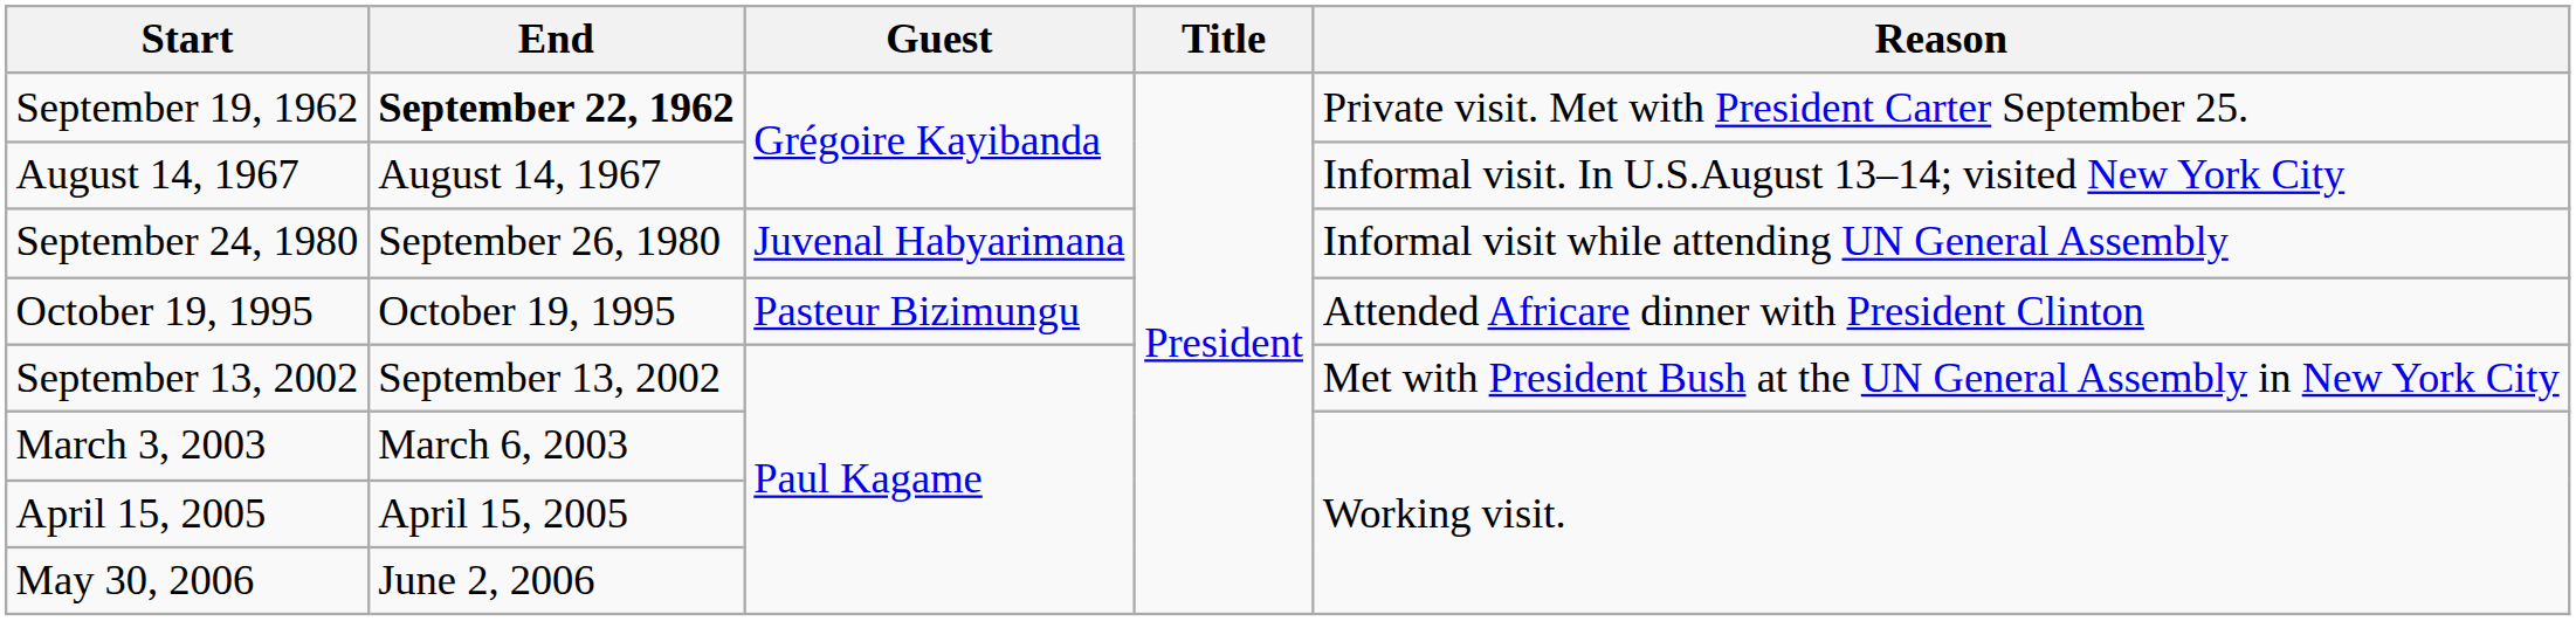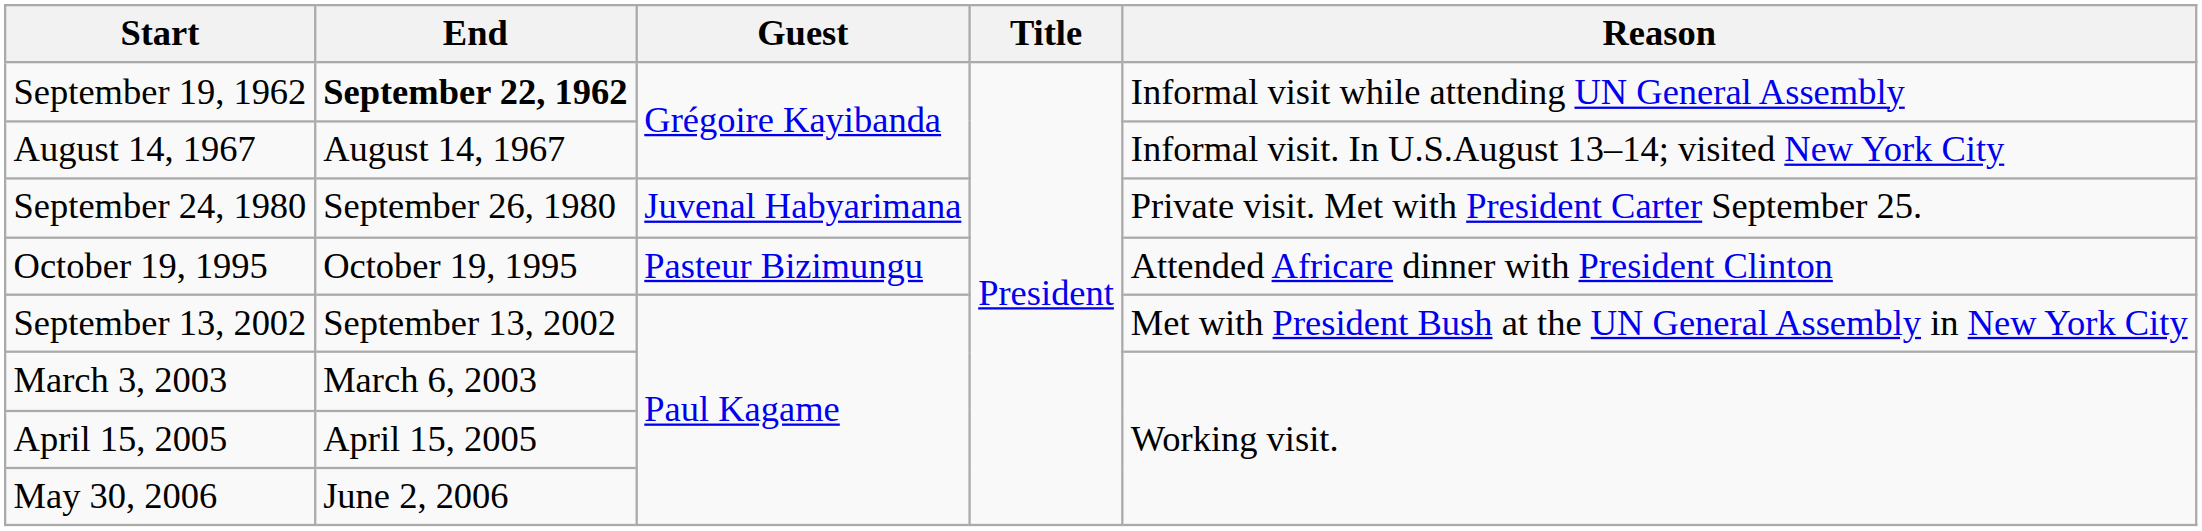 <table class="wikitable sortable">
 <tr>
 <th>Start</th>
 <th>End</th>
 <th>Guest</th>
 <th>Title</th>
 <th>Reason</th>
 </tr>
 <tr>
 <td>September 19, 1962</td>
 <td><strong>September 22, 1962</strong></td>
 <td rowspan=2><a href='#'>Grégoire Kayibanda</a></td>
 <td rowspan=8><a href='#'>President</a></td>
-<td>Private visit. Met with <a href='#'>President Carter</a> September 25.</td>
+<td>Informal visit while attending <a href='#'>UN General Assembly</a></td>
 </tr>
 <tr>
 <td>August 14, 1967</td>
 <td>August 14, 1967</td>
 <td>Informal visit. In U.S.August 13–14; visited <a href='#'>New York City</a></td>
 </tr>
 <tr>
 <td>September 24, 1980</td>
 <td>September 26, 1980</td>
 <td><a href='#'>Juvenal Habyarimana</a></td>
-<td>Informal visit while attending <a href='#'>UN General Assembly</a></td>
+<td>Private visit. Met with <a href='#'>President Carter</a> September 25.</td>
 </tr>
 <tr>
 <td>October 19, 1995</td>
 <td>October 19, 1995</td>
 <td><a href='#'>Pasteur Bizimungu</a></td>
 <td>Attended <a href='#'>Africare</a> dinner with <a href='#'>President Clinton</a></td>
 </tr>
 <tr>
 <td>September 13, 2002</td>
 <td>September 13, 2002</td>
 <td rowspan=4><a href='#'>Paul Kagame</a></td>
 <td>Met with <a href='#'>President Bush</a> at the <a href='#'>UN General Assembly</a> in <a href='#'>New York City</a></td>
 </tr>
 <tr>
 <td>March 3, 2003</td>
 <td>March 6, 2003</td>
 <td rowspan=3>Working visit.</td>
 </tr>
 <tr>
 <td>April 15, 2005</td>
 <td>April 15, 2005</td>
 </tr>
 <tr>
 <td>May 30, 2006</td>
 <td>June 2, 2006</td>
 </tr>
 </table>
